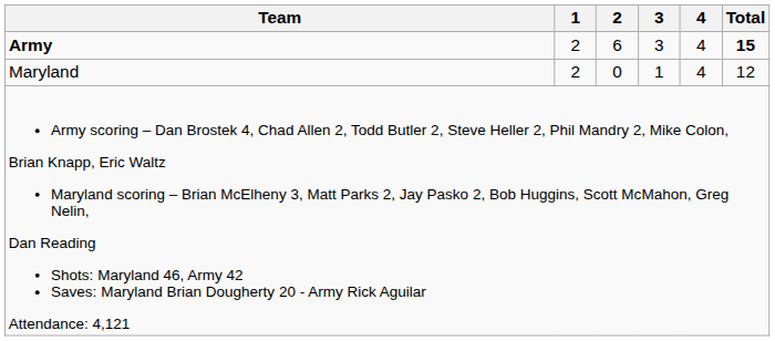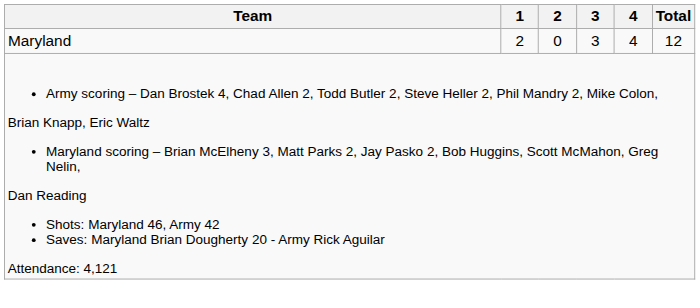 <table class="wikitable" style="text-align:center; max-width:45em">
 <tr>
 <th>Team</th>
 <th style="width:2em">1</th>
 <th style="width:2em">2</th>
 <th style="width:2em">3</th>
 <th style="width:2em">4</th>
 <th style="width:2em">Total</th>
 </tr>
 <tr>
-<td style="text-align:left"><strong>Army</strong></td>
-<td>2</td>
-<td>6</td>
-<td>3</td>
-<td>4</td>
-<td><strong>15</strong></td>
-</tr>
-<tr>
 <td style="text-align:left">Maryland</td>
 <td>2</td>
 <td>0</td>
-<td>1</td>
+<td>3</td>
 <td>4</td>
 <td>12</td>
 </tr>
 <tr>
 <td colspan=6 style="text-align:left; font-size:88%;"><br><ul><li>Army scoring – Dan Brostek 4, Chad Allen 2, Todd Butler 2, Steve Heller 2, Phil Mandry 2, Mike Colon,</li></ul>Brian Knapp, Eric Waltz<ul><li>Maryland scoring – Brian McElheny 3, Matt Parks 2, Jay Pasko 2, Bob Huggins, Scott McMahon, Greg Nelin,</li></ul>Dan Reading<ul><li>Shots: Maryland 46, Army 42</li><li>Saves: Maryland Brian Dougherty 20 - Army Rick Aguilar</li></ul>Attendance: 4,121 </td>
 </tr>
 </table>
